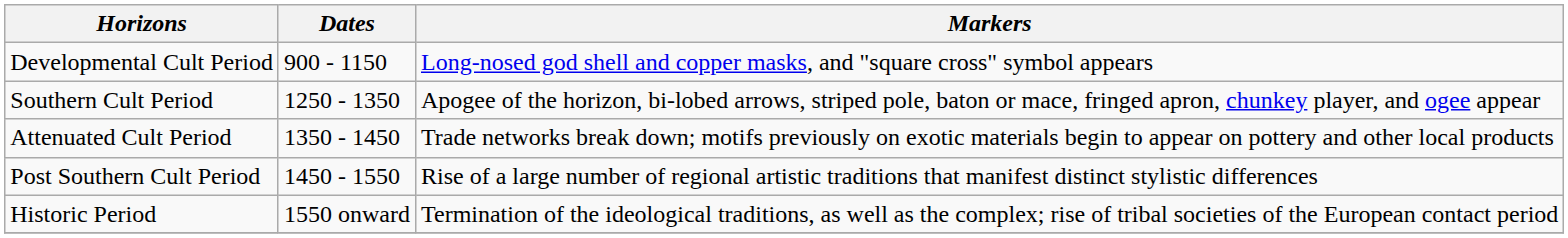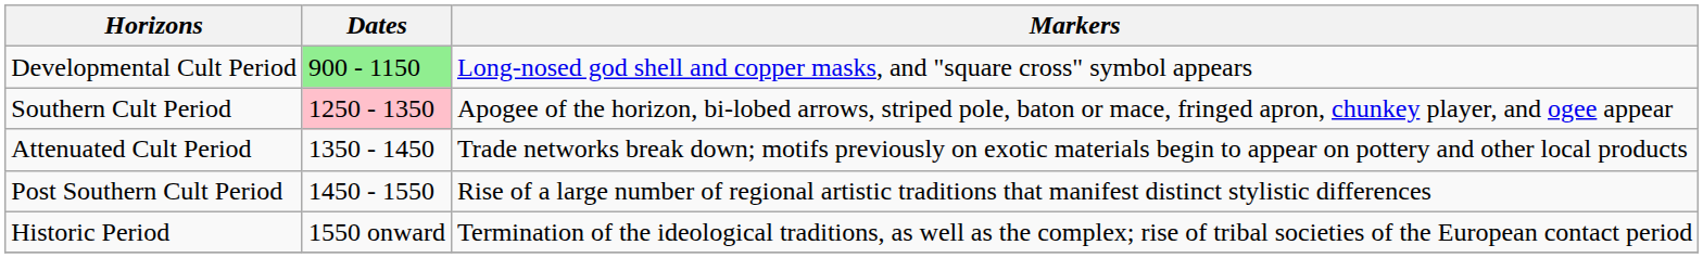 <table class=wikitable>
 <tr>
 <th><em>Horizons</em></th>
 <th><em>Dates</em></th>
 <th><em>Markers</em></th>
 </tr>
 <tr>
 <td rowspan="1">Developmental Cult Period</td>
-<td>900 - 1150</td>
+<td style="background: lightgreen;">900 - 1150</td>
 <td><a href='#'>Long-nosed god shell and copper masks</a>, and "square cross" symbol appears</td>
 </tr>
 <tr>
 <td rowspan="1">Southern Cult Period</td>
-<td>1250 - 1350</td>
+<td style="background: pink;">1250 - 1350</td>
 <td>Apogee of the horizon, bi-lobed arrows, striped pole, baton or mace, fringed apron, <a href='#'>chunkey</a> player, and <a href='#'>ogee</a> appear</td>
 </tr>
 <tr>
 <td rowspan=1>Attenuated Cult Period</td>
 <td>1350 - 1450</td>
 <td>Trade networks break down; motifs previously on exotic materials begin to appear on pottery and other local products</td>
 </tr>
 <tr>
 <td rowspan="1">Post Southern Cult Period</td>
 <td>1450 - 1550</td>
 <td>Rise of a large number of regional artistic traditions that manifest distinct stylistic differences</td>
 </tr>
 <tr>
 <td rowspan="1">Historic Period</td>
 <td>1550 onward</td>
 <td>Termination of the ideological traditions, as well as the complex; rise of tribal societies of the European contact period</td>
 </tr>
 <tr>
 </tr>
 </table>
